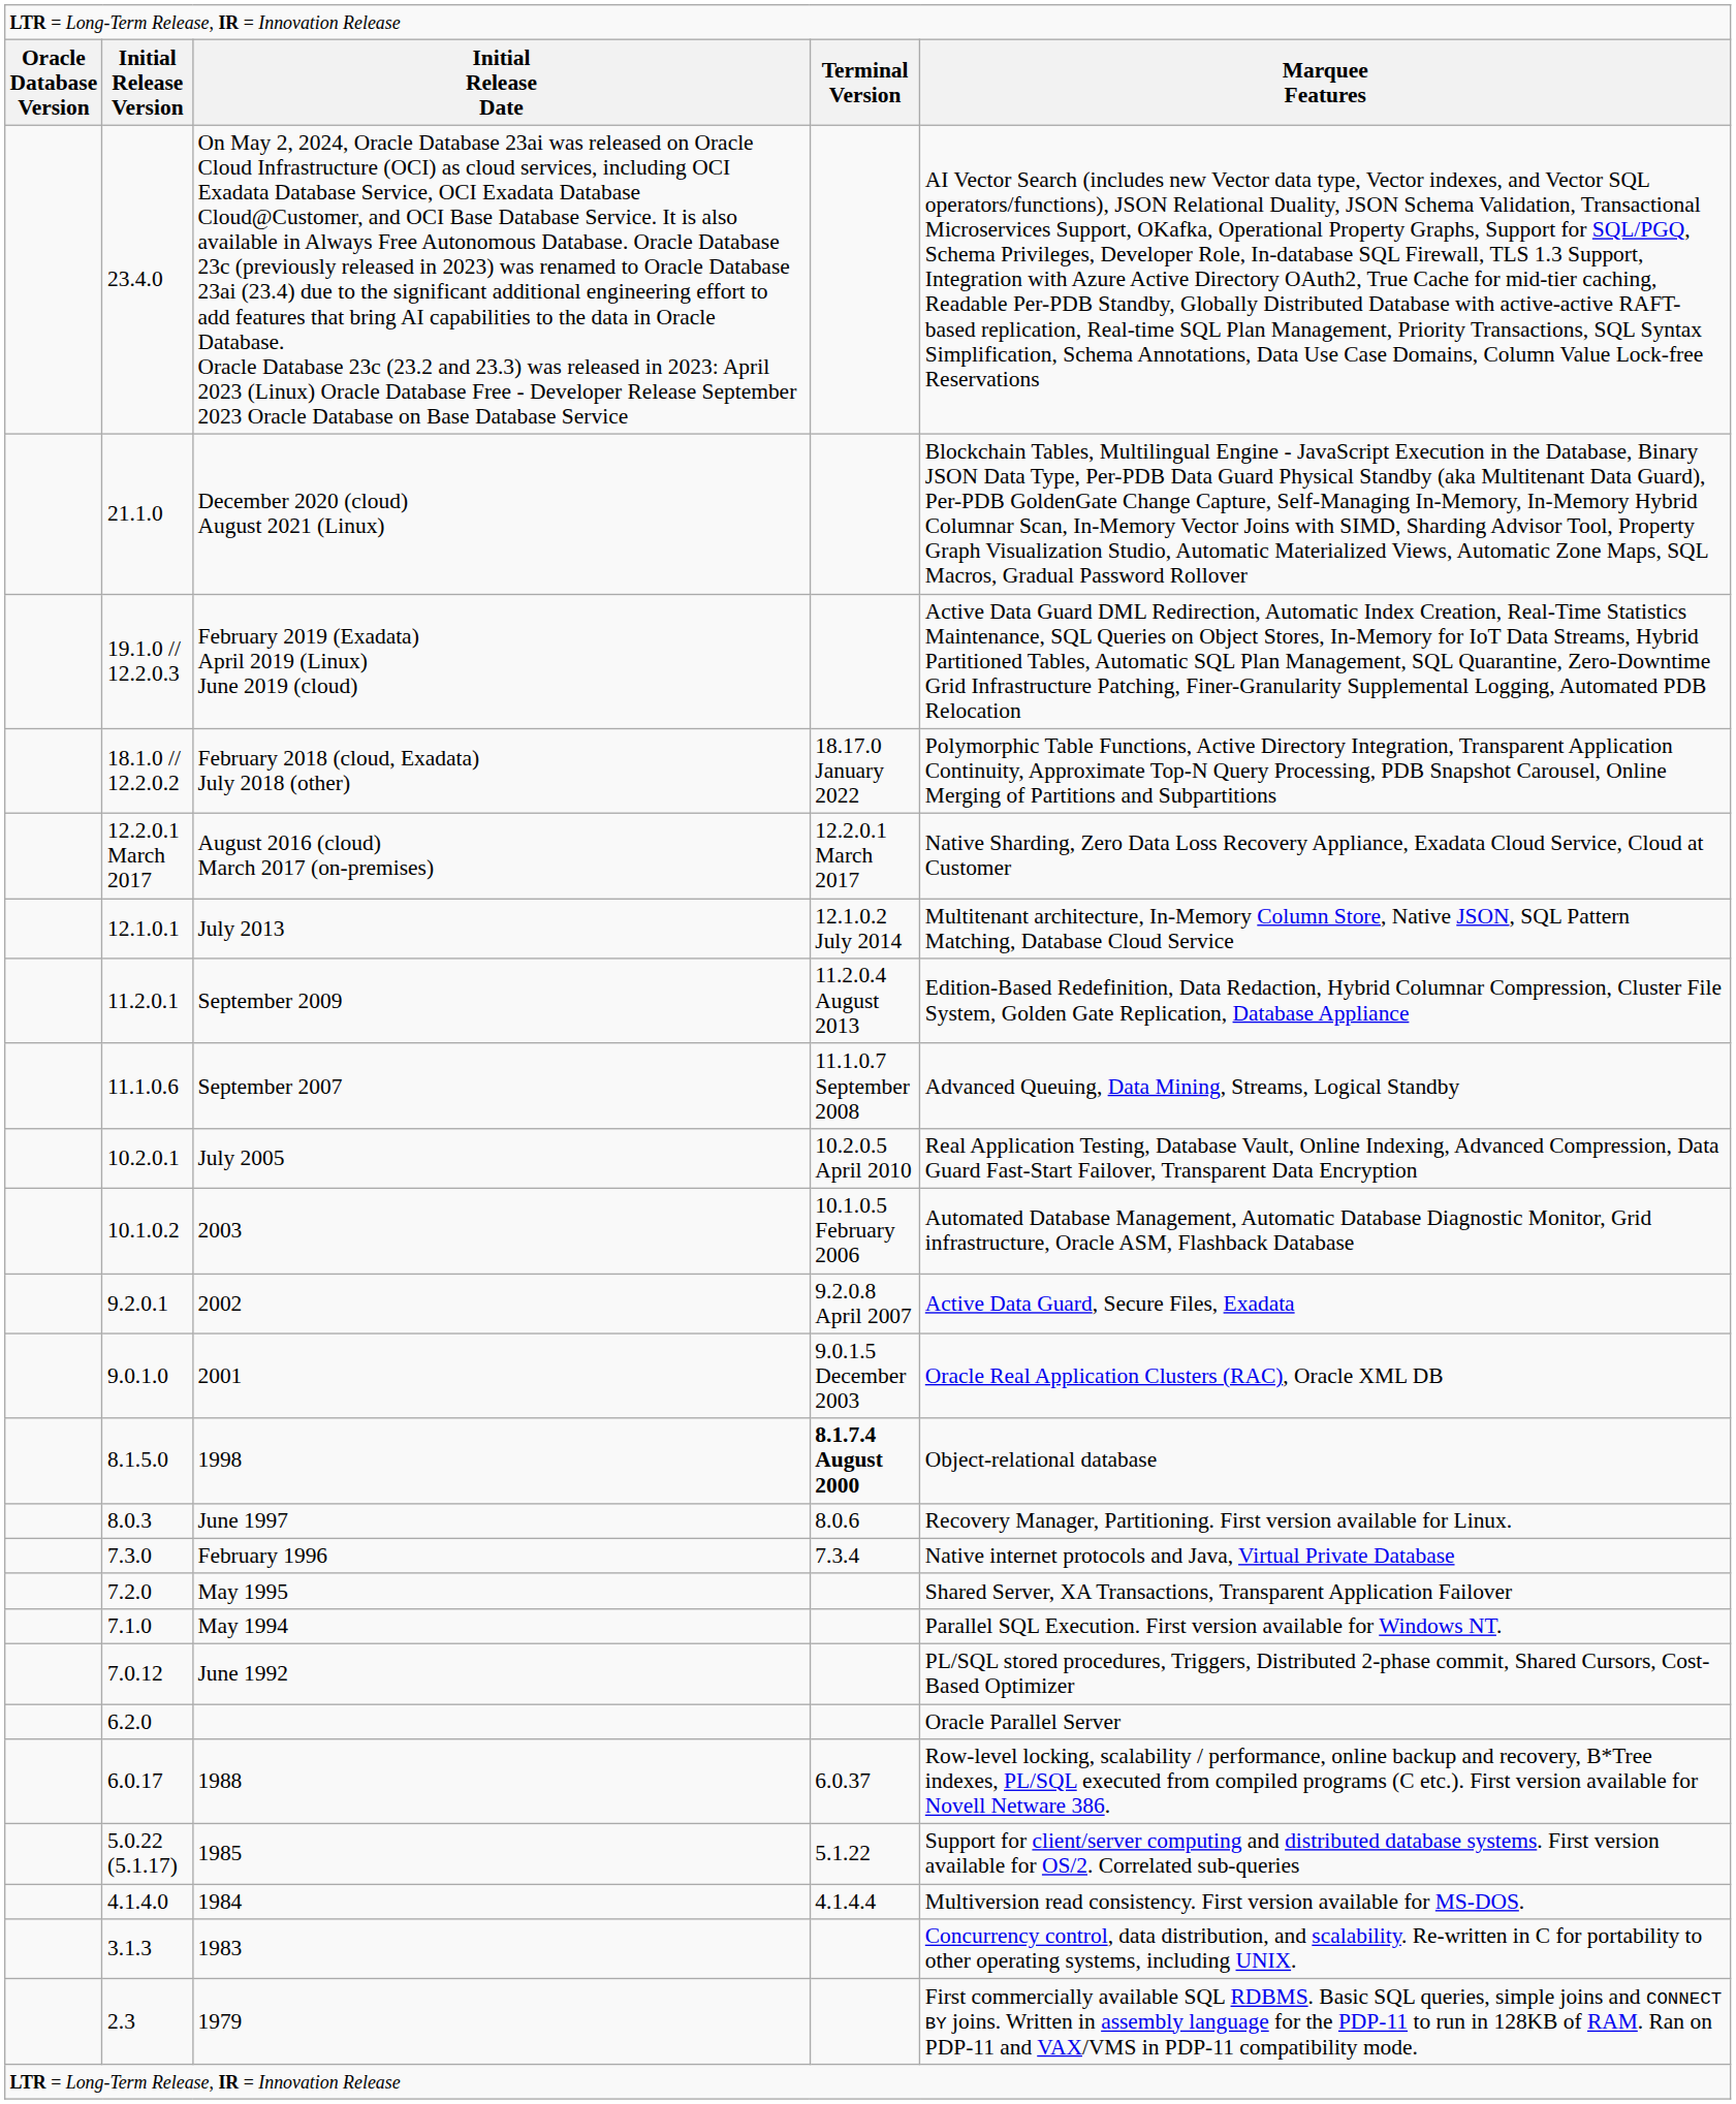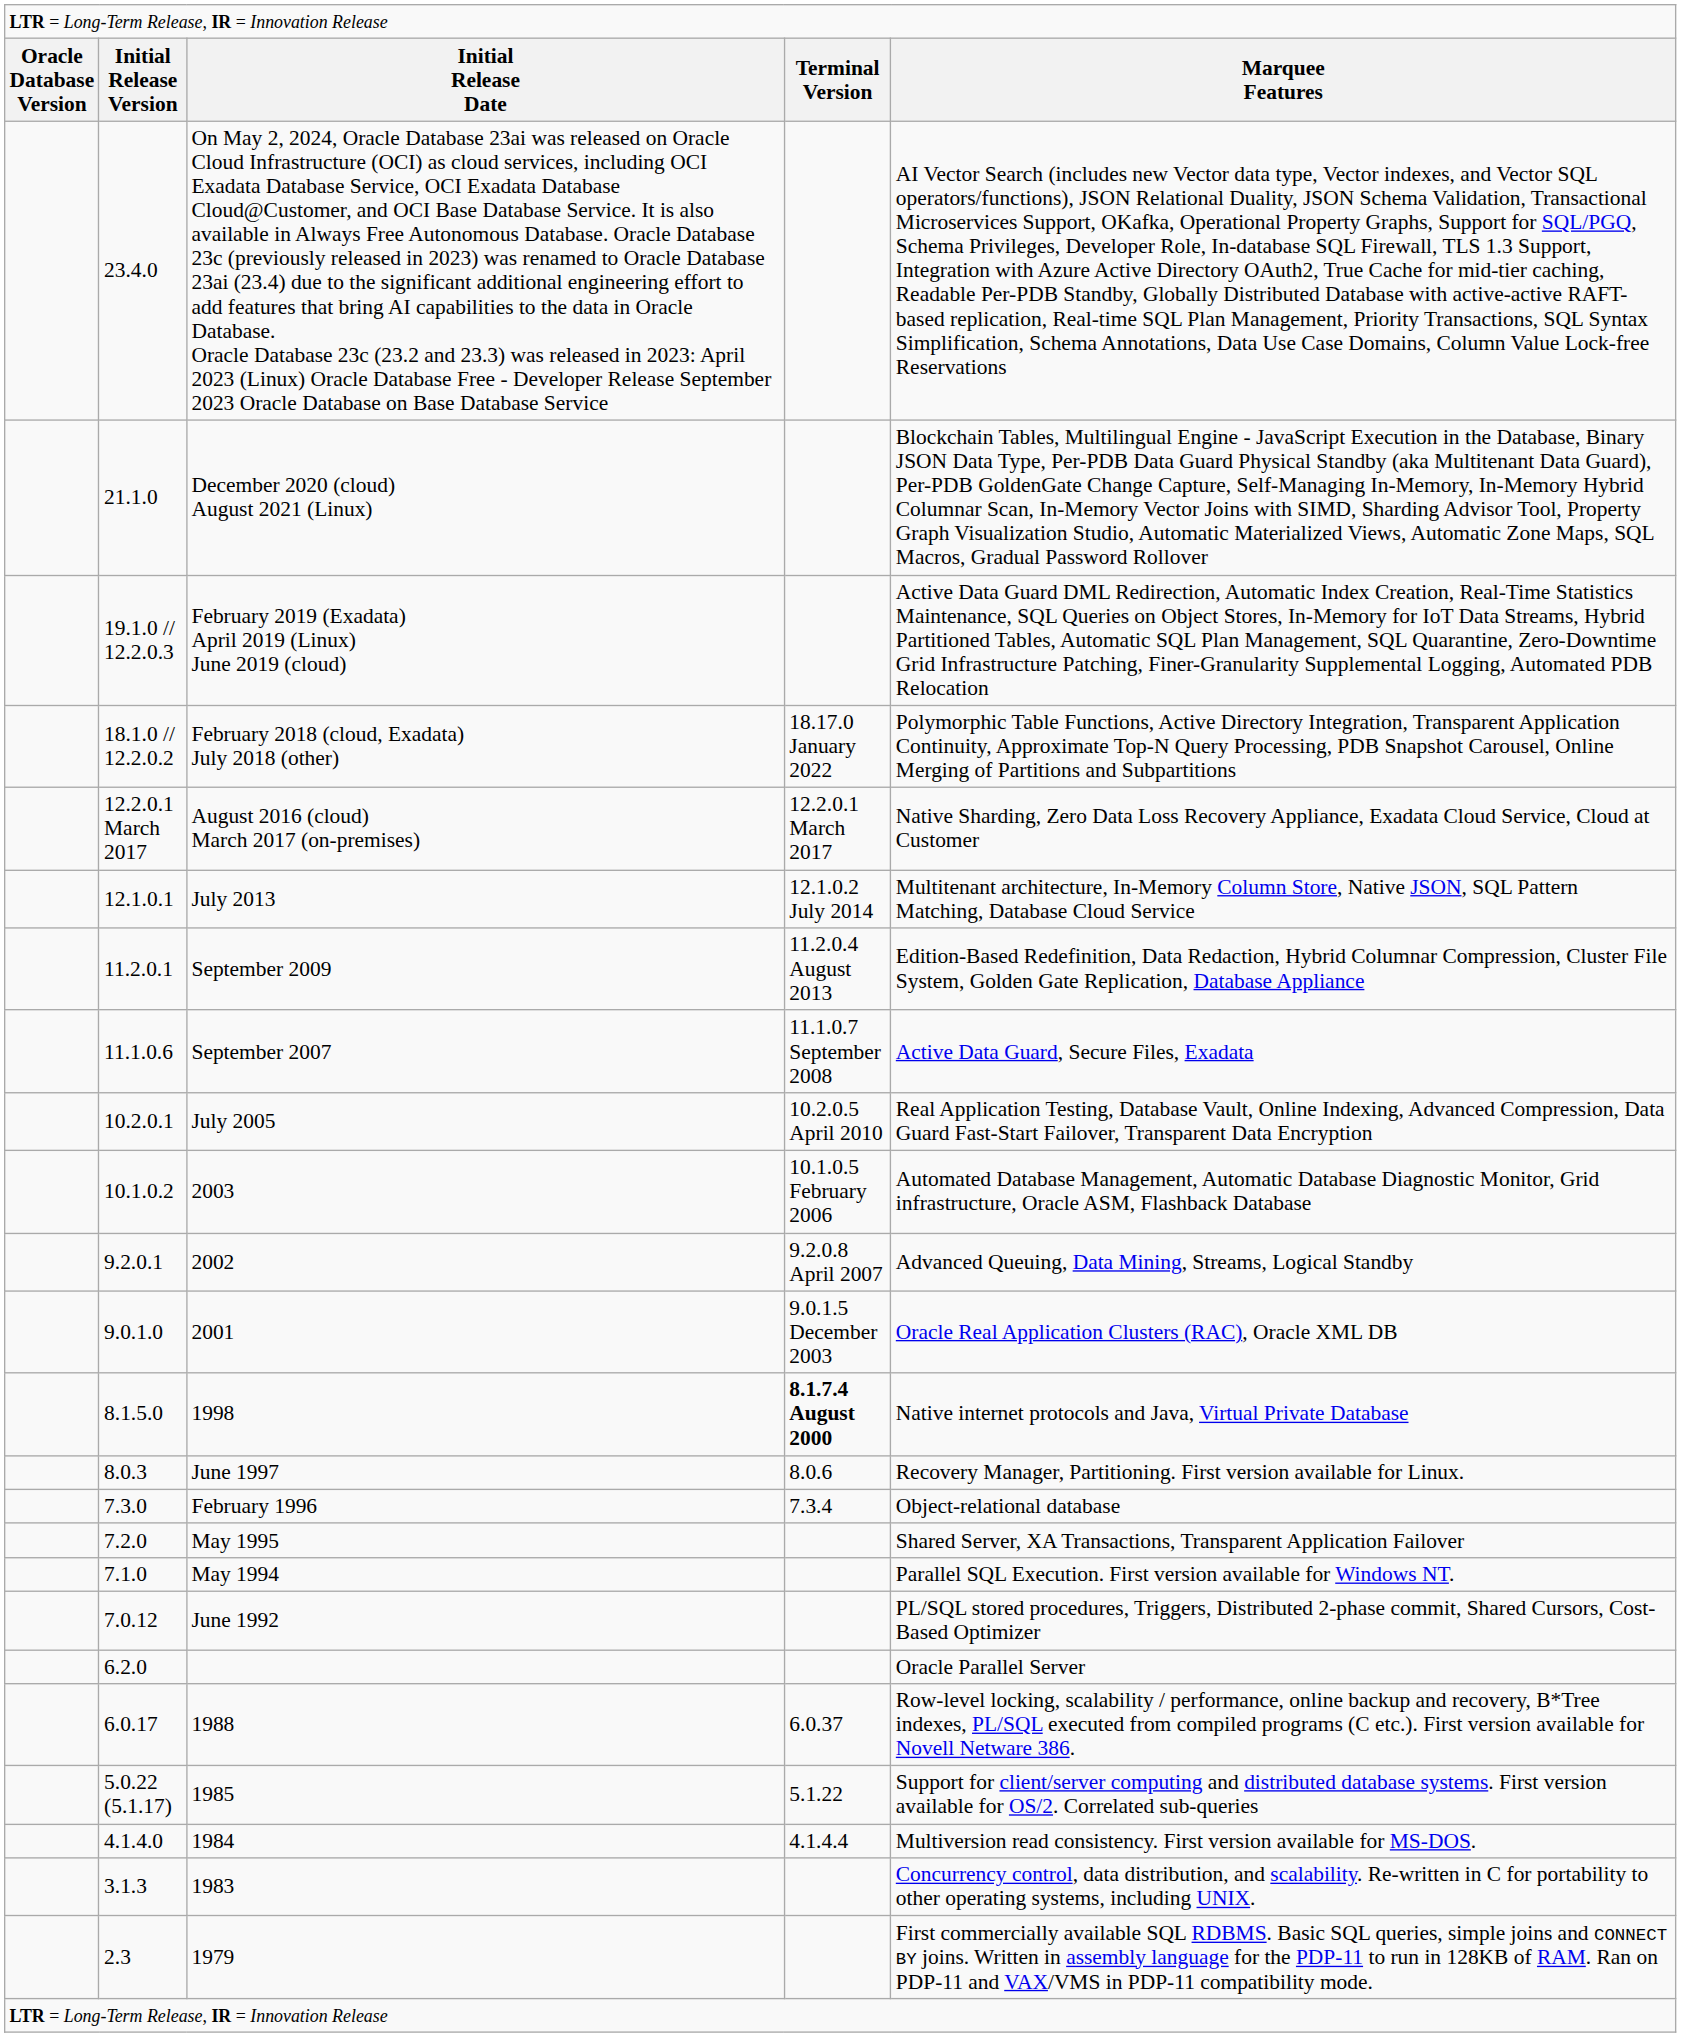 <table class="wikitable">
 <tr>
 <td colspan="6"><small> <strong>LTR</strong> = <em>Long-Term Release</em>, <strong>IR</strong> = <em>Innovation Release</em></small></td>
 </tr>
 <tr>
 <th>Oracle <br> Database <br> Version</th>
 <th>Initial <br> Release <br> Version</th>
 <th>Initial <br> Release <br> Date</th>
 <th>Terminal <br>Version</th>
 <th>Marquee <br> Features</th>
 </tr>
 <tr>
 <td></td>
 <td>23.4.0</td>
 <td>On May 2, 2024, Oracle Database 23ai was released on Oracle Cloud Infrastructure (OCI) as cloud services, including OCI Exadata Database Service, OCI Exadata Database Cloud@Customer, and OCI Base Database Service. It is also available in Always Free Autonomous Database. Oracle Database 23c (previously released in 2023) was renamed to Oracle Database 23ai (23.4) due to the significant additional engineering effort to add features that bring AI capabilities to the data in Oracle Database.<br>Oracle Database 23c (23.2 and 23.3) was released in 2023:  April 2023 (Linux) Oracle Database Free - Developer Release September 2023 Oracle Database on Base Database Service</td>
 <td></td>
 <td>AI Vector Search (includes new Vector data type, Vector indexes, and Vector SQL operators/functions), JSON Relational Duality, JSON Schema Validation, Transactional Microservices Support, OKafka, Operational Property Graphs, Support for <a href='#'>SQL/PGQ</a>, Schema Privileges, Developer Role, In-database SQL Firewall, TLS 1.3 Support, Integration with Azure Active Directory OAuth2, True Cache for mid-tier caching, Readable Per-PDB Standby, Globally Distributed Database with active-active RAFT-based replication, Real-time SQL Plan Management, Priority Transactions, SQL Syntax Simplification, Schema Annotations, Data Use Case Domains, Column Value Lock-free Reservations</td>
 </tr>
 <tr>
 <td></td>
 <td>21.1.0</td>
 <td>December 2020 (cloud)<br>August 2021 (Linux)</td>
 <td></td>
 <td>Blockchain Tables, Multilingual Engine - JavaScript Execution in the Database, Binary JSON Data Type, Per-PDB Data Guard Physical Standby (aka Multitenant Data Guard), Per-PDB GoldenGate Change Capture, Self-Managing In-Memory, In-Memory Hybrid Columnar Scan, In-Memory Vector Joins with SIMD, Sharding Advisor Tool, Property Graph Visualization Studio, Automatic Materialized Views, Automatic Zone Maps, SQL Macros, Gradual Password Rollover</td>
 </tr>
 <tr>
 <td></td>
 <td>19.1.0 // 12.2.0.3</td>
 <td>February 2019 (Exadata)<br>April 2019 (Linux) <br>June 2019 (cloud)</td>
 <td></td>
 <td>Active Data Guard DML Redirection, Automatic Index Creation, Real-Time Statistics Maintenance, SQL Queries on Object Stores, In-Memory for IoT Data Streams, Hybrid Partitioned Tables, Automatic SQL Plan Management, SQL Quarantine, Zero-Downtime Grid Infrastructure Patching, Finer-Granularity Supplemental Logging, Automated PDB Relocation</td>
 </tr>
 <tr>
 <td></td>
 <td>18.1.0 // 12.2.0.2</td>
 <td>February 2018 (cloud, Exadata)<br>July 2018 (other)</td>
 <td>18.17.0<br>January 2022</td>
 <td>Polymorphic Table Functions, Active Directory Integration, Transparent Application Continuity, Approximate Top-N Query Processing, PDB Snapshot Carousel, Online Merging of Partitions and Subpartitions</td>
 </tr>
 <tr>
 <td></td>
 <td>12.2.0.1<br>March 2017</td>
 <td>August 2016 (cloud)<br>March 2017 (on-premises)</td>
 <td>12.2.0.1<br>March 2017</td>
 <td>Native Sharding, Zero Data Loss Recovery Appliance, Exadata Cloud Service, Cloud at Customer</td>
 </tr>
 <tr>
 <td></td>
 <td>12.1.0.1</td>
 <td>July 2013</td>
 <td>12.1.0.2<br>July 2014</td>
 <td>Multitenant architecture, In-Memory <a href='#'>Column Store</a>, Native <a href='#'>JSON</a>, SQL Pattern Matching, Database Cloud Service</td>
 </tr>
 <tr>
 <td></td>
 <td>11.2.0.1</td>
 <td>September 2009</td>
 <td>11.2.0.4<br>August 2013</td>
 <td>Edition-Based Redefinition, Data Redaction, Hybrid Columnar Compression, Cluster File System, Golden Gate Replication, <a href='#'>Database Appliance</a></td>
 </tr>
 <tr>
 <td></td>
 <td>11.1.0.6</td>
 <td>September 2007</td>
 <td>11.1.0.7<br>September 2008</td>
-<td>Advanced Queuing, <a href='#'>Data Mining</a>, Streams, Logical Standby</td>
+<td><a href='#'>Active Data Guard</a>, Secure Files, <a href='#'>Exadata</a></td>
 </tr>
 <tr>
 <td></td>
 <td>10.2.0.1</td>
 <td>July 2005</td>
 <td>10.2.0.5<br>April 2010</td>
 <td>Real Application Testing, Database Vault, Online Indexing, Advanced Compression, Data Guard Fast-Start Failover, Transparent Data Encryption</td>
 </tr>
 <tr>
 <td></td>
 <td>10.1.0.2</td>
 <td>2003</td>
 <td>10.1.0.5<br>February 2006</td>
 <td>Automated Database Management, Automatic Database Diagnostic Monitor, Grid infrastructure, Oracle ASM, Flashback Database</td>
 </tr>
 <tr>
 <td></td>
 <td>9.2.0.1</td>
 <td>2002</td>
 <td>9.2.0.8<br>April 2007</td>
-<td><a href='#'>Active Data Guard</a>, Secure Files, <a href='#'>Exadata</a></td>
+<td>Advanced Queuing, <a href='#'>Data Mining</a>, Streams, Logical Standby</td>
 </tr>
 <tr>
 <td></td>
 <td>9.0.1.0</td>
 <td>2001</td>
 <td>9.0.1.5<br>December 2003</td>
 <td><a href='#'>Oracle Real Application Clusters (RAC)</a>, Oracle XML DB</td>
 </tr>
 <tr>
 <td></td>
 <td>8.1.5.0</td>
 <td>1998</td>
 <td><strong>8.1.7.4<br>August 2000</strong></td>
-<td>Object-relational database</td>
+<td>Native internet protocols and Java, <a href='#'>Virtual Private Database</a></td>
 </tr>
 <tr>
 <td></td>
 <td>8.0.3</td>
 <td>June 1997</td>
 <td>8.0.6</td>
 <td>Recovery Manager, Partitioning. First version available for Linux.</td>
 </tr>
 <tr>
 <td></td>
 <td>7.3.0</td>
 <td>February 1996</td>
 <td>7.3.4</td>
-<td>Native internet protocols and Java, <a href='#'>Virtual Private Database</a></td>
+<td>Object-relational database</td>
 </tr>
 <tr>
 <td></td>
 <td>7.2.0</td>
 <td>May 1995</td>
 <td></td>
 <td>Shared Server, XA Transactions, Transparent Application Failover</td>
 </tr>
 <tr>
 <td></td>
 <td>7.1.0</td>
 <td>May 1994</td>
 <td></td>
 <td>Parallel SQL Execution. First version available for <a href='#'>Windows NT</a>.</td>
 </tr>
 <tr>
 <td></td>
 <td>7.0.12</td>
 <td>June 1992</td>
 <td></td>
 <td>PL/SQL stored procedures, Triggers, Distributed 2-phase commit, Shared Cursors, Cost-Based Optimizer</td>
 </tr>
 <tr>
 <td></td>
 <td>6.2.0</td>
 <td></td>
 <td></td>
 <td>Oracle Parallel Server</td>
 </tr>
 <tr>
 <td></td>
 <td>6.0.17</td>
 <td>1988</td>
 <td>6.0.37</td>
 <td>Row-level locking, scalability / performance, online backup and recovery, B*Tree indexes, <a href='#'>PL/SQL</a> executed from compiled programs (C etc.). First version available for <a href='#'>Novell Netware 386</a>.</td>
 </tr>
 <tr>
 <td></td>
 <td>5.0.22 (5.1.17)</td>
 <td>1985</td>
 <td>5.1.22</td>
 <td>Support for <a href='#'>client/server computing</a> and <a href='#'>distributed database systems</a>. First version available for <a href='#'>OS/2</a>. Correlated sub-queries</td>
 </tr>
 <tr>
 <td></td>
 <td>4.1.4.0</td>
 <td>1984</td>
 <td>4.1.4.4</td>
 <td>Multiversion read consistency. First version available for <a href='#'>MS-DOS</a>.</td>
 </tr>
 <tr>
 <td></td>
 <td>3.1.3</td>
 <td>1983</td>
 <td></td>
 <td><a href='#'>Concurrency control</a>, data distribution, and <a href='#'>scalability</a>. Re-written in C for portability to other operating systems, including <a href='#'>UNIX</a>.</td>
 </tr>
 <tr>
 <td></td>
 <td>2.3</td>
 <td>1979</td>
 <td></td>
 <td>First commercially available SQL <a href='#'>RDBMS</a>. Basic SQL queries, simple joins and <code>CONNECT BY</code> joins.  Written in <a href='#'>assembly language</a> for the <a href='#'>PDP-11</a> to run in 128KB of <a href='#'>RAM</a>. Ran on PDP-11 and <a href='#'>VAX</a>/VMS in PDP-11 compatibility mode.</td>
 </tr>
 <tr>
 <td colspan="6"><small> <strong>LTR</strong> = <em>Long-Term Release</em>, <strong>IR</strong> = <em>Innovation Release</em></small></td>
 </tr>
 </table>
